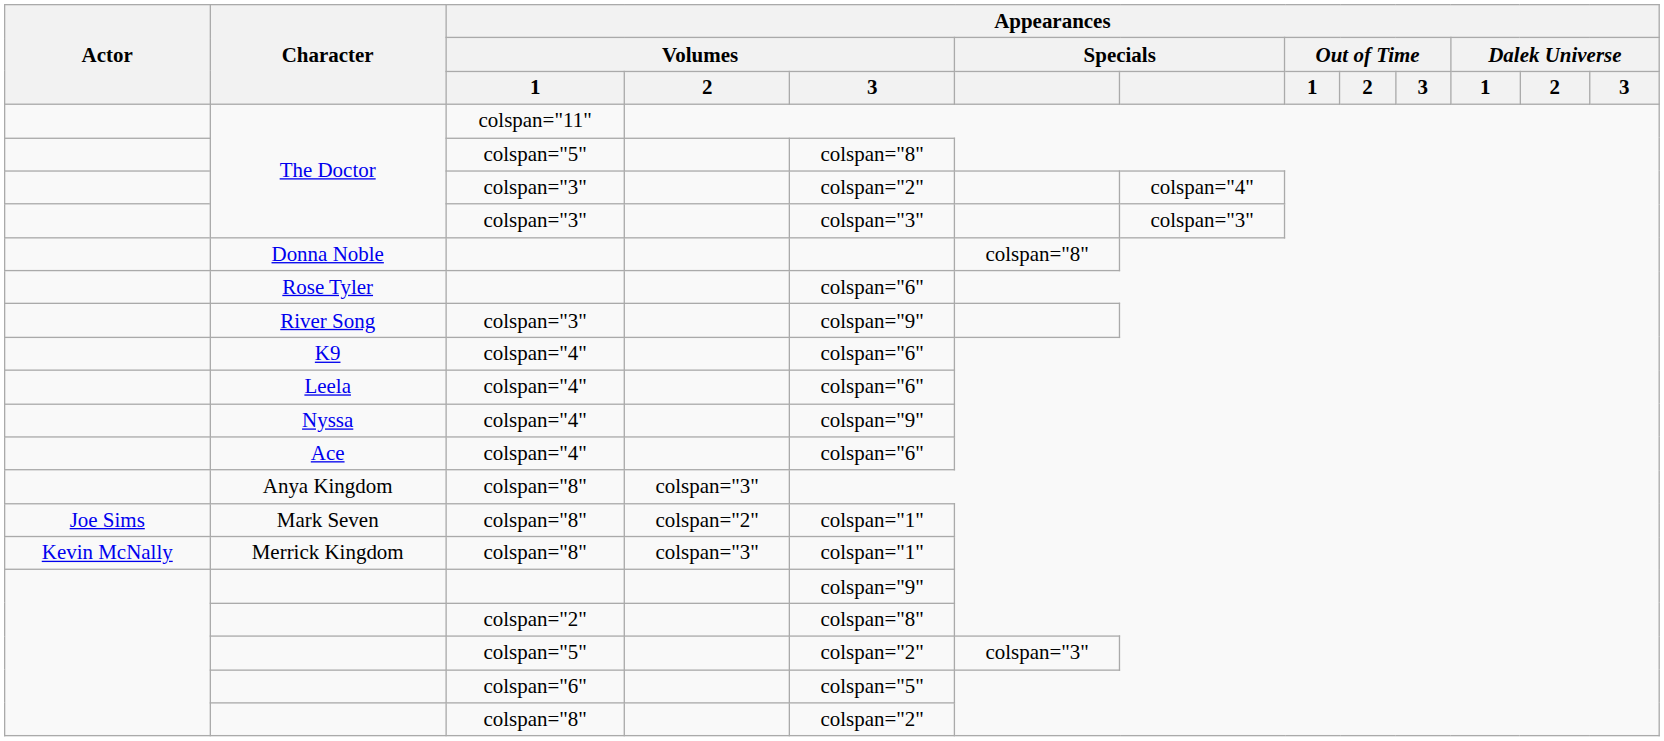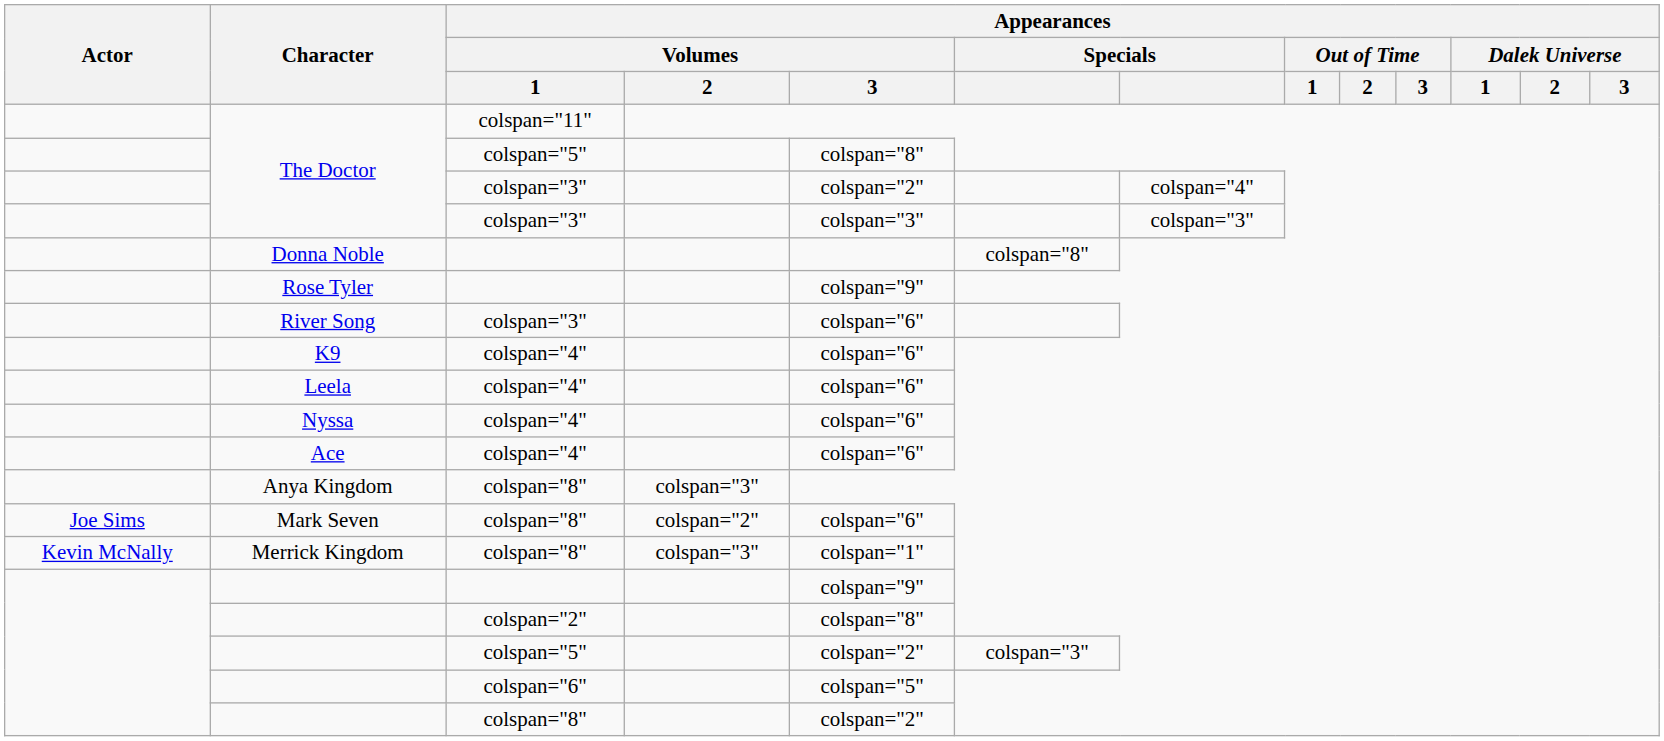 <table class="wikitable" style="text-align:center;" width="100%">
 <tr>
 <th rowspan="3">Actor</th>
 <th rowspan="3">Character</th>
 <th colspan="11">Appearances</th>
 </tr>
 <tr>
 <th colspan="3">Volumes</th>
 <th colspan="2">Specials</th>
 <th colspan="3"><em>Out of Time</em></th>
 <th colspan="3"><em>Dalek Universe</em></th>
 </tr>
 <tr>
 <th>1</th>
 <th>2</th>
 <th>3</th>
 <th><em></em></th>
 <th><em></em></th>
 <th>1</th>
 <th>2</th>
 <th>3</th>
 <th>1</th>
 <th>2</th>
 <th>3</th>
 </tr>
 <tr>
 <td></td>
 <td rowspan="4"><a href='#'>The Doctor</a></td>
 <td>colspan="11" </td>
 </tr>
 <tr>
 <td></td>
 <td>colspan="5" </td>
 <td></td>
 <td>colspan="8" </td>
 </tr>
 <tr>
 <td></td>
 <td>colspan="3" </td>
 <td></td>
 <td>colspan="2" </td>
 <td></td>
 <td>colspan="4" </td>
 </tr>
 <tr>
 <td></td>
 <td>colspan="3" </td>
 <td></td>
 <td>colspan="3" </td>
 <td></td>
 <td>colspan="3" </td>
 </tr>
 <tr>
 <td></td>
 <td><a href='#'>Donna Noble</a></td>
 <td></td>
 <td></td>
 <td></td>
 <td>colspan="8" </td>
 </tr>
 <tr>
 <td></td>
 <td><a href='#'>Rose Tyler</a></td>
 <td></td>
 <td></td>
-<td>colspan="6" </td>
+<td>colspan="9" </td>
 </tr>
 <tr>
 <td></td>
 <td><a href='#'>River Song</a></td>
 <td>colspan="3" </td>
 <td></td>
-<td>colspan="9" </td>
+<td>colspan="6" </td>
 <td></td>
 </tr>
 <tr>
 <td></td>
 <td><a href='#'>K9</a></td>
 <td>colspan="4" </td>
 <td></td>
 <td>colspan="6" </td>
 </tr>
 <tr>
 <td></td>
 <td><a href='#'>Leela</a></td>
 <td>colspan="4" </td>
 <td></td>
 <td>colspan="6" </td>
 </tr>
 <tr>
 <td></td>
 <td><a href='#'>Nyssa</a></td>
 <td>colspan="4" </td>
 <td></td>
-<td>colspan="9" </td>
+<td>colspan="6" </td>
 </tr>
 <tr>
 <td></td>
 <td><a href='#'>Ace</a></td>
 <td>colspan="4" </td>
 <td></td>
 <td>colspan="6" </td>
 </tr>
 <tr>
 <td></td>
 <td>Anya Kingdom</td>
 <td>colspan="8" </td>
 <td>colspan="3" </td>
 </tr>
 <tr>
 <td><a href='#'>Joe Sims</a></td>
 <td>Mark Seven</td>
 <td>colspan="8" </td>
 <td>colspan="2" </td>
-<td>colspan="1" </td>
+<td>colspan="6" </td>
 </tr>
 <tr>
 <td><a href='#'>Kevin McNally</a></td>
 <td>Merrick Kingdom</td>
 <td>colspan="8" </td>
 <td>colspan="3" </td>
 <td>colspan="1" </td>
 </tr>
 <tr>
 <td rowspan="5"></td>
 <td></td>
 <td></td>
 <td></td>
 <td>colspan="9" </td>
 </tr>
 <tr>
 <td></td>
 <td>colspan="2" </td>
 <td></td>
 <td>colspan="8" </td>
 </tr>
 <tr>
 <td></td>
 <td>colspan="5" </td>
 <td></td>
 <td>colspan="2" </td>
 <td>colspan="3" </td>
 </tr>
 <tr>
 <td></td>
 <td>colspan="6" </td>
 <td></td>
 <td>colspan="5" </td>
 </tr>
 <tr>
 <td></td>
 <td>colspan="8" </td>
 <td></td>
 <td>colspan="2" </td>
 </tr>
 </table>
